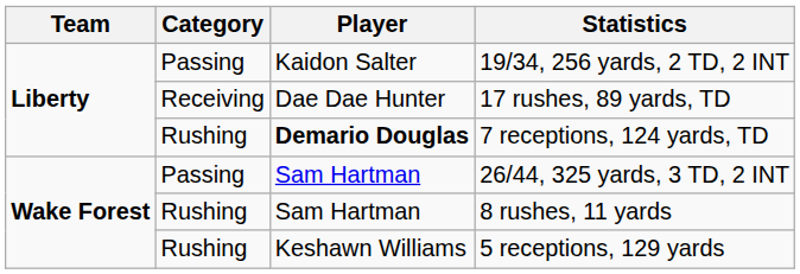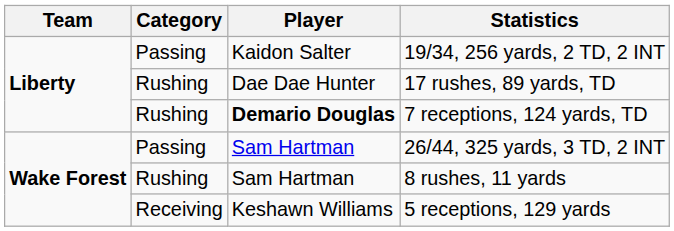 <table class="wikitable" style="float: left;">
 <tr>
 <th>Team</th>
 <th>Category</th>
 <th>Player</th>
 <th>Statistics</th>
 </tr>
 <tr>
 <td rowspan=3><strong>Liberty</strong></td>
 <td>Passing</td>
 <td>Kaidon Salter</td>
 <td>19/34, 256 yards, 2 TD, 2 INT</td>
 </tr>
 <tr>
-<td>Receiving</td>
+<td>Rushing</td>
 <td>Dae Dae Hunter</td>
 <td>17 rushes, 89 yards, TD</td>
 </tr>
 <tr>
 <td>Rushing</td>
 <td><strong>Demario Douglas</strong></td>
 <td>7 receptions, 124 yards, TD</td>
 </tr>
 <tr>
 <td rowspan=3><strong>Wake Forest</strong></td>
 <td>Passing</td>
 <td><a href='#'>Sam Hartman</a></td>
 <td>26/44, 325 yards, 3 TD, 2 INT</td>
 </tr>
 <tr>
 <td>Rushing</td>
 <td>Sam Hartman</td>
 <td>8 rushes, 11 yards</td>
 </tr>
 <tr>
-<td>Rushing</td>
+<td>Receiving</td>
 <td>Keshawn Williams</td>
 <td>5 receptions, 129 yards</td>
 </tr>
 </table>
